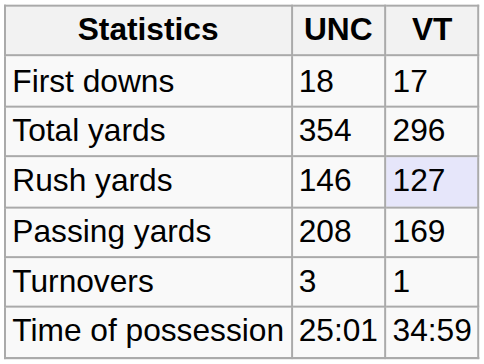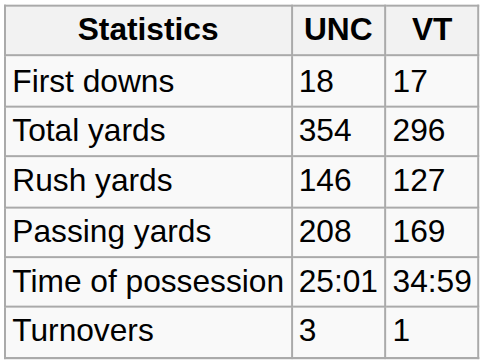 <table class="wikitable" style="float: left;">
 <tr>
 <th>Statistics</th>
 <th>UNC</th>
 <th>VT</th>
 </tr>
 <tr>
 <td>First downs</td>
 <td>18</td>
 <td>17</td>
 </tr>
 <tr>
 <td>Total yards</td>
 <td>354</td>
 <td>296</td>
 </tr>
 <tr>
 <td>Rush yards</td>
 <td>146</td>
-<td style="background: lavender;">127</td>
+<td>127</td>
 </tr>
 <tr>
 <td>Passing yards</td>
 <td>208</td>
 <td>169</td>
 </tr>
 <tr>
+<td>Time of possession</td>
+<td>25:01</td>
+<td>34:59</td>
+</tr>
+<tr>
 <td>Turnovers</td>
 <td>3</td>
 <td>1</td>
 </tr>
 <tr>
-<td>Time of possession</td>
-<td>25:01</td>
-<td>34:59</td>
-</tr>
-<tr>
 </tr>
 </table>
